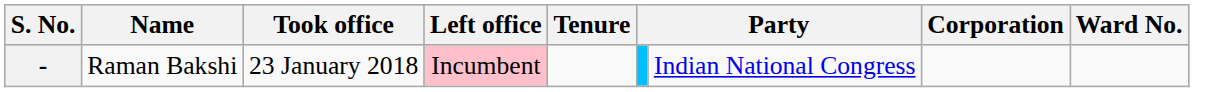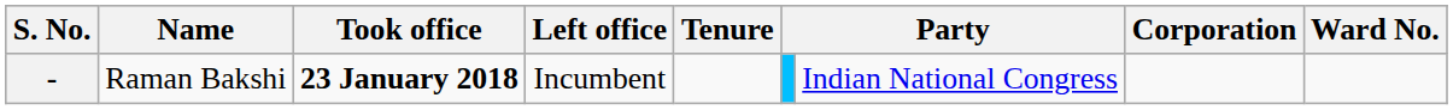 <table class="wikitable" style="text-align:center">
 <tr>
 <th>S. No.</th>
 <th>Name</th>
 <th>Took office</th>
 <th>Left office</th>
 <th>Tenure</th>
 <th colspan=2>Party</th>
 <th>Corporation</th>
 <th>Ward No.</th>
 </tr>
 <tr>
 <th>-</th>
 <td>Raman Bakshi</td>
-<td>23 January 2018</td>
-<td style="background: pink;">Incumbent</td>
+<td><strong>23 January 2018</strong></td>
+<td>Incumbent</td>
 <td></td>
 <td bgcolor=#00BFFF></td>
 <td><a href='#'>Indian National Congress</a></td>
 <td></td>
 <td></td>
 </tr>
 </table>
